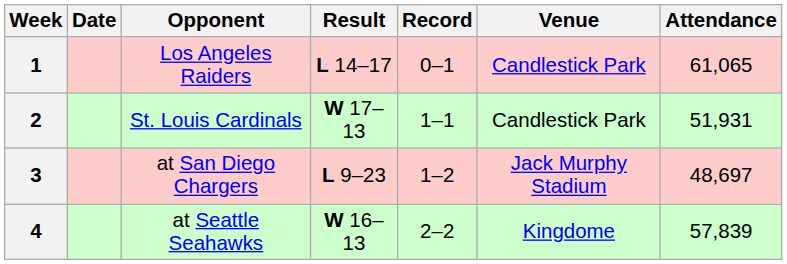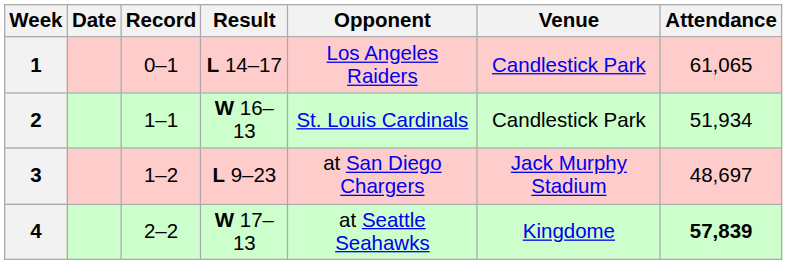 <table class="wikitable" style="text-align:center">
 <tr>
 <th>Week</th>
 <th>Date</th>
+<th>Record</th>
+<th>Result</th>
 <th>Opponent</th>
-<th>Result</th>
-<th>Record</th>
 <th>Venue</th>
 <th>Attendance</th>
 </tr>
 <tr style="background:#fcc">
 <th>1</th>
 <td></td>
+<td>0–1</td>
+<td><strong>L</strong> 14–17</td>
 <td><a href='#'>Los Angeles Raiders</a></td>
-<td><strong>L</strong> 14–17</td>
-<td>0–1</td>
 <td><a href='#'>Candlestick Park</a></td>
 <td>61,065</td>
 </tr>
 <tr style="background:#cfc">
 <th>2</th>
 <td></td>
+<td>1–1</td>
+<td><strong>W</strong> 16–13</td>
 <td><a href='#'>St. Louis Cardinals</a></td>
-<td><strong>W</strong> 17–13</td>
-<td>1–1</td>
 <td>Candlestick Park</td>
-<td>51,931</td>
+<td>51,934</td>
 </tr>
 <tr style="background:#fcc">
 <th>3</th>
 <td></td>
+<td>1–2</td>
+<td><strong>L</strong> 9–23</td>
 <td>at <a href='#'>San Diego Chargers</a></td>
-<td><strong>L</strong> 9–23</td>
-<td>1–2</td>
 <td><a href='#'>Jack Murphy Stadium</a></td>
 <td>48,697</td>
 </tr>
 <tr style="background:#cfc">
 <th>4</th>
 <td></td>
+<td>2–2</td>
+<td><strong>W</strong> 17–13</td>
 <td>at <a href='#'>Seattle Seahawks</a></td>
-<td><strong>W</strong> 16–13</td>
-<td>2–2</td>
 <td><a href='#'>Kingdome</a></td>
-<td>57,839</td>
+<td><strong>57,839</strong></td>
 </tr>
 </table>
